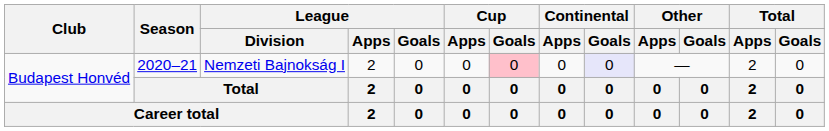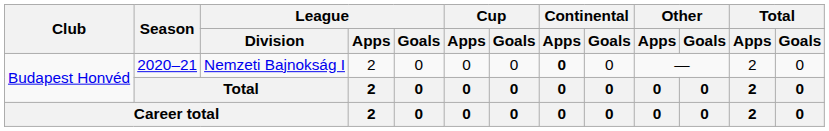 <table class="wikitable" style="text-align:center">
 <tr>
 <th rowspan="2">Club</th>
 <th rowspan="2">Season</th>
 <th colspan="3">League</th>
 <th colspan="2">Cup</th>
 <th colspan="2">Continental</th>
 <th colspan="2">Other</th>
 <th colspan="2">Total</th>
 </tr>
 <tr>
 <th>Division</th>
 <th>Apps</th>
 <th>Goals</th>
 <th>Apps</th>
 <th>Goals</th>
 <th>Apps</th>
 <th>Goals</th>
 <th>Apps</th>
 <th>Goals</th>
 <th>Apps</th>
 <th>Goals</th>
 </tr>
 <tr>
 <td rowspan="2"><a href='#'>Budapest Honvéd</a></td>
 <td><a href='#'>2020–21</a></td>
 <td><a href='#'>Nemzeti Bajnokság I</a></td>
 <td>2</td>
 <td>0</td>
 <td>0</td>
-<td style="background: pink;">0</td>
 <td>0</td>
-<td style="background: lavender;">0</td>
+<td><strong>0</strong></td>
+<td>0</td>
 <td colspan="2">—</td>
 <td>2</td>
 <td>0</td>
 </tr>
 <tr>
 <th colspan="2">Total</th>
 <th>2</th>
 <th>0</th>
 <th>0</th>
 <th>0</th>
 <th>0</th>
 <th>0</th>
 <th>0</th>
 <th>0</th>
 <th>2</th>
 <th>0</th>
 </tr>
 <tr>
 <th colspan="3">Career total</th>
 <th>2</th>
 <th>0</th>
 <th>0</th>
 <th>0</th>
 <th>0</th>
 <th>0</th>
 <th>0</th>
 <th>0</th>
 <th>2</th>
 <th>0</th>
 </tr>
 </table>
